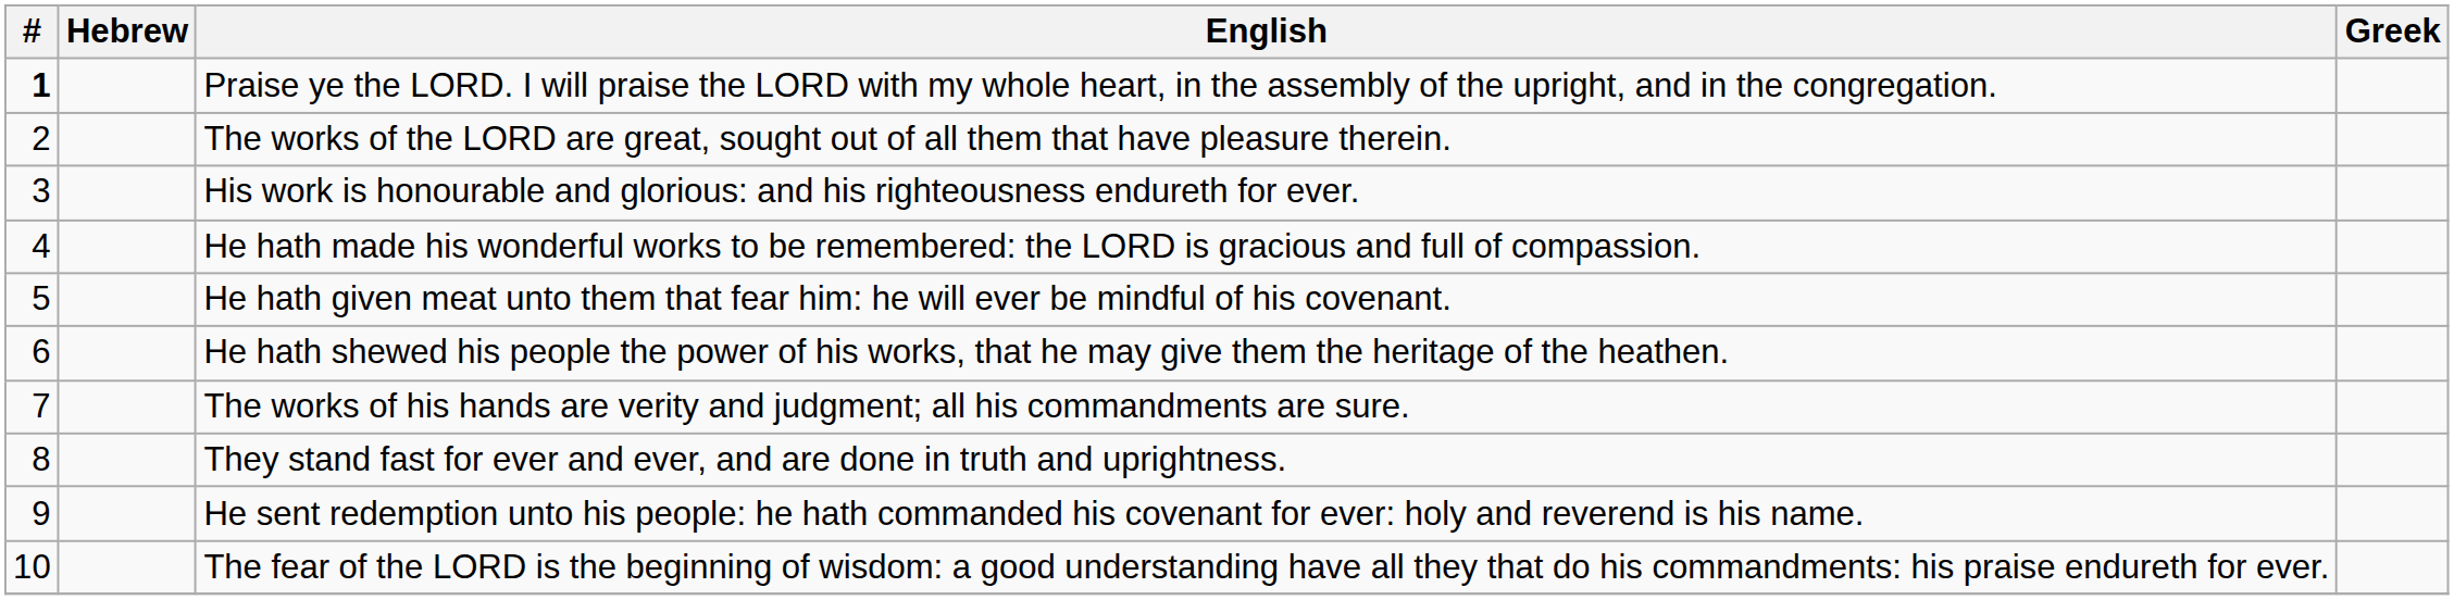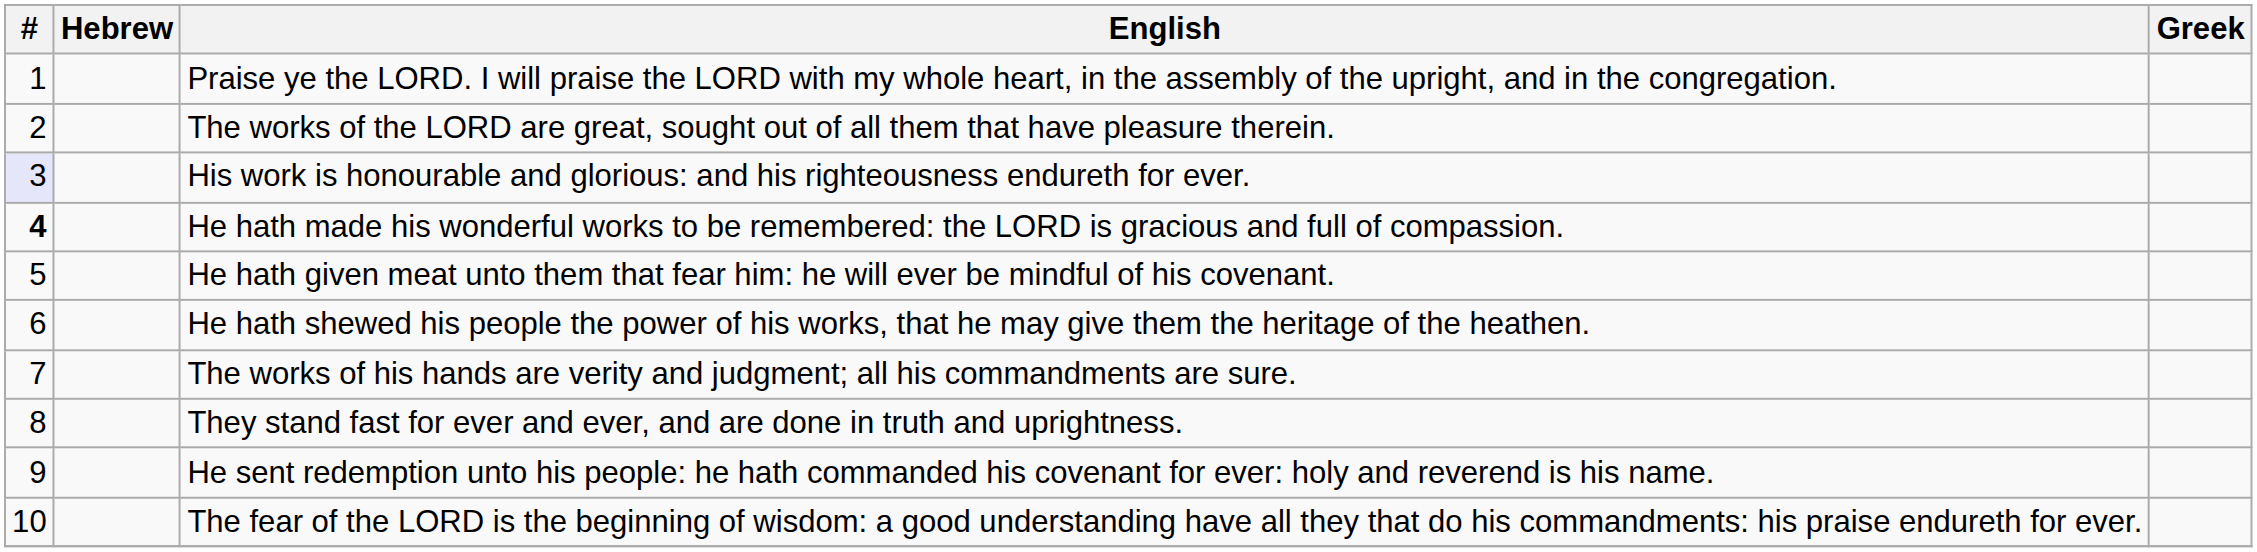 <table class=wikitable>
 <tr>
 <th>#</th>
 <th>Hebrew</th>
 <th>English</th>
 <th>Greek</th>
 </tr>
 <tr>
-<td style="text-align:right"><strong>1</strong></td>
+<td style="text-align:right">1</td>
 <td style="text-align:right"></td>
 <td>Praise ye the LORD. I will praise the LORD with my whole heart, in the assembly of the upright, and in the congregation.</td>
 <td></td>
 </tr>
 <tr>
 <td style="text-align:right">2</td>
 <td style="text-align:right"></td>
 <td>The works of the LORD are great, sought out of all them that have pleasure therein.</td>
 <td></td>
 </tr>
 <tr>
-<td style="text-align:right">3</td>
+<td style="background: lavender; text-align:right">3</td>
 <td style="text-align:right"></td>
 <td>His work is honourable and glorious: and his righteousness endureth for ever.</td>
 <td></td>
 </tr>
 <tr>
-<td style="text-align:right">4</td>
+<td style="text-align:right"><strong>4</strong></td>
 <td style="text-align:right"></td>
 <td>He hath made his wonderful works to be remembered: the LORD is gracious and full of compassion.</td>
 <td></td>
 </tr>
 <tr>
 <td style="text-align:right">5</td>
 <td style="text-align:right"></td>
 <td>He hath given meat unto them that fear him: he will ever be mindful of his covenant.</td>
 <td></td>
 </tr>
 <tr>
 <td style="text-align:right">6</td>
 <td style="text-align:right"></td>
 <td>He hath shewed his people the power of his works, that he may give them the heritage of the heathen.</td>
 <td></td>
 </tr>
 <tr>
 <td style="text-align:right">7</td>
 <td style="text-align:right"></td>
 <td>The works of his hands are verity and judgment; all his commandments are sure.</td>
 <td></td>
 </tr>
 <tr>
 <td style="text-align:right">8</td>
 <td style="text-align:right"></td>
 <td>They stand fast for ever and ever, and are done in truth and uprightness.</td>
 <td></td>
 </tr>
 <tr>
 <td style="text-align:right">9</td>
 <td style="text-align:right"></td>
 <td>He sent redemption unto his people: he hath commanded his covenant for ever: holy and reverend is his name.</td>
 <td></td>
 </tr>
 <tr>
 <td style="text-align:right">10</td>
 <td style="text-align:right"></td>
 <td>The fear of the LORD is the beginning of wisdom: a good understanding have all they that do his commandments: his praise endureth for ever.</td>
 <td></td>
 </tr>
 <tr>
 </tr>
 </table>
